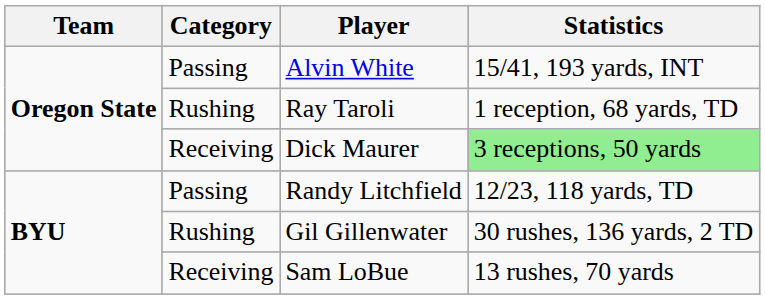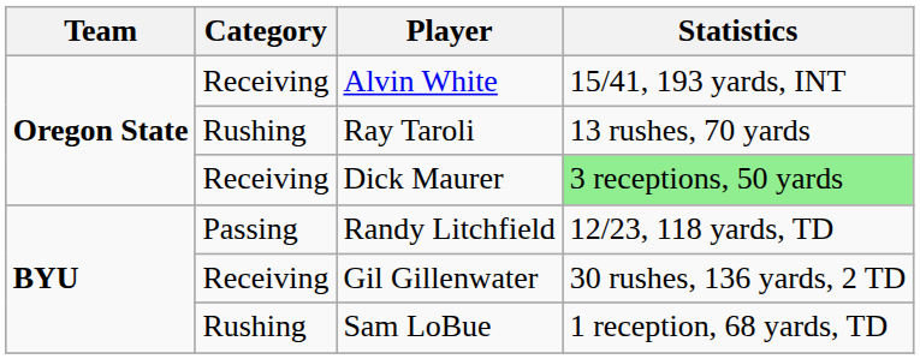 <table class="wikitable" style="float: left;">
 <tr>
 <th>Team</th>
 <th>Category</th>
 <th>Player</th>
 <th>Statistics</th>
 </tr>
 <tr>
 <td rowspan=3><strong>Oregon State</strong></td>
-<td>Passing</td>
+<td>Receiving</td>
 <td><a href='#'>Alvin White</a></td>
 <td>15/41, 193 yards, INT</td>
 </tr>
 <tr>
 <td>Rushing</td>
 <td>Ray Taroli</td>
-<td>1 reception, 68 yards, TD</td>
+<td>13 rushes, 70 yards</td>
 </tr>
 <tr>
 <td>Receiving</td>
 <td>Dick Maurer</td>
 <td style="background: lightgreen;">3 receptions, 50 yards</td>
 </tr>
 <tr>
 <td rowspan=3><strong>BYU</strong></td>
 <td>Passing</td>
 <td>Randy Litchfield</td>
 <td>12/23, 118 yards, TD</td>
 </tr>
 <tr>
-<td>Rushing</td>
+<td>Receiving</td>
 <td>Gil Gillenwater</td>
 <td>30 rushes, 136 yards, 2 TD</td>
 </tr>
 <tr>
-<td>Receiving</td>
+<td>Rushing</td>
 <td>Sam LoBue</td>
-<td>13 rushes, 70 yards</td>
+<td>1 reception, 68 yards, TD</td>
 </tr>
 </table>
